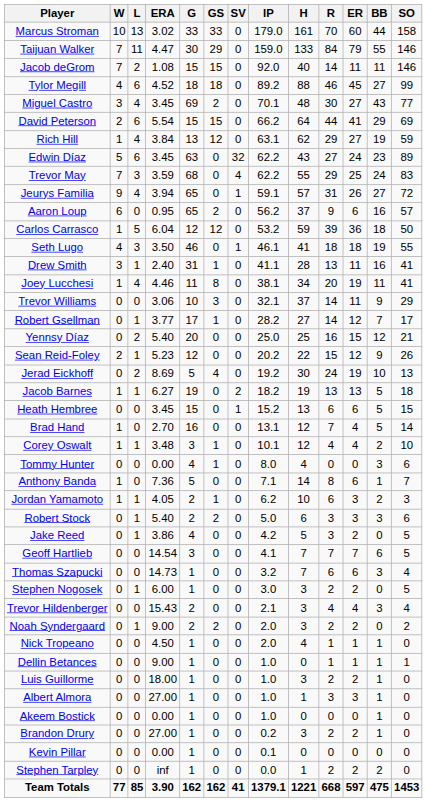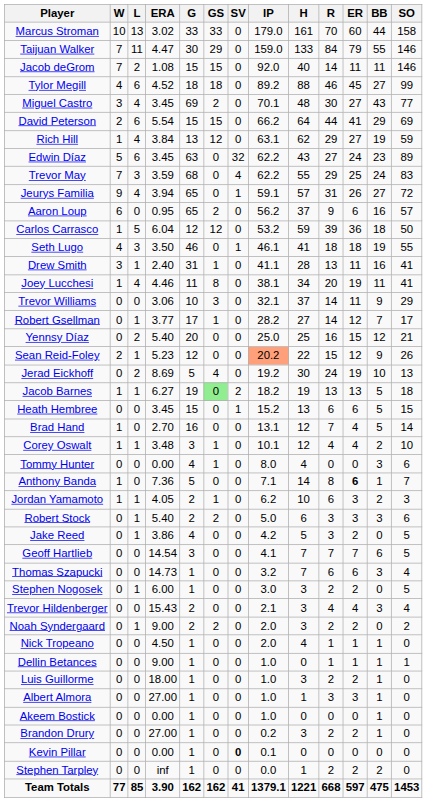 <table class=wikitable style="text-align:center">
 <tr>
 <th>Player</th>
 <th>W</th>
 <th>L</th>
 <th>ERA</th>
 <th>G</th>
 <th>GS</th>
 <th>SV</th>
 <th>IP</th>
 <th>H</th>
 <th>R</th>
 <th>ER</th>
 <th>BB</th>
 <th>SO</th>
 </tr>
 <tr>
 <td><a href='#'>Marcus Stroman</a></td>
 <td>10</td>
 <td>13</td>
 <td>3.02</td>
 <td>33</td>
 <td>33</td>
 <td>0</td>
 <td>179.0</td>
 <td>161</td>
 <td>70</td>
 <td>60</td>
 <td>44</td>
 <td>158</td>
 </tr>
 <tr>
 <td><a href='#'>Taijuan Walker</a></td>
 <td>7</td>
 <td>11</td>
 <td>4.47</td>
 <td>30</td>
 <td>29</td>
 <td>0</td>
 <td>159.0</td>
 <td>133</td>
 <td>84</td>
 <td>79</td>
 <td>55</td>
 <td>146</td>
 </tr>
 <tr>
 <td><a href='#'>Jacob deGrom</a></td>
 <td>7</td>
 <td>2</td>
 <td>1.08</td>
 <td>15</td>
 <td>15</td>
 <td>0</td>
 <td>92.0</td>
 <td>40</td>
 <td>14</td>
 <td>11</td>
 <td>11</td>
 <td>146</td>
 </tr>
 <tr>
 <td><a href='#'>Tylor Megill</a></td>
 <td>4</td>
 <td>6</td>
 <td>4.52</td>
 <td>18</td>
 <td>18</td>
 <td>0</td>
 <td>89.2</td>
 <td>88</td>
 <td>46</td>
 <td>45</td>
 <td>27</td>
 <td>99</td>
 </tr>
 <tr>
 <td><a href='#'>Miguel Castro</a></td>
 <td>3</td>
 <td>4</td>
 <td>3.45</td>
 <td>69</td>
 <td>2</td>
 <td>0</td>
 <td>70.1</td>
 <td>48</td>
 <td>30</td>
 <td>27</td>
 <td>43</td>
 <td>77</td>
 </tr>
 <tr>
 <td><a href='#'>David Peterson</a></td>
 <td>2</td>
 <td>6</td>
 <td>5.54</td>
 <td>15</td>
 <td>15</td>
 <td>0</td>
 <td>66.2</td>
 <td>64</td>
 <td>44</td>
 <td>41</td>
 <td>29</td>
 <td>69</td>
 </tr>
 <tr>
 <td><a href='#'>Rich Hill</a></td>
 <td>1</td>
 <td>4</td>
 <td>3.84</td>
 <td>13</td>
 <td>12</td>
 <td>0</td>
 <td>63.1</td>
 <td>62</td>
 <td>29</td>
 <td>27</td>
 <td>19</td>
 <td>59</td>
 </tr>
 <tr>
 <td><a href='#'>Edwin Díaz</a></td>
 <td>5</td>
 <td>6</td>
 <td>3.45</td>
 <td>63</td>
 <td>0</td>
 <td>32</td>
 <td>62.2</td>
 <td>43</td>
 <td>27</td>
 <td>24</td>
 <td>23</td>
 <td>89</td>
 </tr>
 <tr>
 <td><a href='#'>Trevor May</a></td>
 <td>7</td>
 <td>3</td>
 <td>3.59</td>
 <td>68</td>
 <td>0</td>
 <td>4</td>
 <td>62.2</td>
 <td>55</td>
 <td>29</td>
 <td>25</td>
 <td>24</td>
 <td>83</td>
 </tr>
 <tr>
 <td><a href='#'>Jeurys Familia</a></td>
 <td>9</td>
 <td>4</td>
 <td>3.94</td>
 <td>65</td>
 <td>0</td>
 <td>1</td>
 <td>59.1</td>
 <td>57</td>
 <td>31</td>
 <td>26</td>
 <td>27</td>
 <td>72</td>
 </tr>
 <tr>
 <td><a href='#'>Aaron Loup</a></td>
 <td>6</td>
 <td>0</td>
 <td>0.95</td>
 <td>65</td>
 <td>2</td>
 <td>0</td>
 <td>56.2</td>
 <td>37</td>
 <td>9</td>
 <td>6</td>
 <td>16</td>
 <td>57</td>
 </tr>
 <tr>
 <td><a href='#'>Carlos Carrasco</a></td>
 <td>1</td>
 <td>5</td>
 <td>6.04</td>
 <td>12</td>
 <td>12</td>
 <td>0</td>
 <td>53.2</td>
 <td>59</td>
 <td>39</td>
 <td>36</td>
 <td>18</td>
 <td>50</td>
 </tr>
 <tr>
 <td><a href='#'>Seth Lugo</a></td>
 <td>4</td>
 <td>3</td>
 <td>3.50</td>
 <td>46</td>
 <td>0</td>
 <td>1</td>
 <td>46.1</td>
 <td>41</td>
 <td>18</td>
 <td>18</td>
 <td>19</td>
 <td>55</td>
 </tr>
 <tr>
 <td><a href='#'>Drew Smith</a></td>
 <td>3</td>
 <td>1</td>
 <td>2.40</td>
 <td>31</td>
 <td>1</td>
 <td>0</td>
 <td>41.1</td>
 <td>28</td>
 <td>13</td>
 <td>11</td>
 <td>16</td>
 <td>41</td>
 </tr>
 <tr>
 <td><a href='#'>Joey Lucchesi</a></td>
 <td>1</td>
 <td>4</td>
 <td>4.46</td>
 <td>11</td>
 <td>8</td>
 <td>0</td>
 <td>38.1</td>
 <td>34</td>
 <td>20</td>
 <td>19</td>
 <td>11</td>
 <td>41</td>
 </tr>
 <tr>
 <td><a href='#'>Trevor Williams</a></td>
 <td>0</td>
 <td>0</td>
 <td>3.06</td>
 <td>10</td>
 <td>3</td>
 <td>0</td>
 <td>32.1</td>
 <td>37</td>
 <td>14</td>
 <td>11</td>
 <td>9</td>
 <td>29</td>
 </tr>
 <tr>
 <td><a href='#'>Robert Gsellman</a></td>
 <td>0</td>
 <td>1</td>
 <td>3.77</td>
 <td>17</td>
 <td>1</td>
 <td>0</td>
 <td>28.2</td>
 <td>27</td>
 <td>14</td>
 <td>12</td>
 <td>7</td>
 <td>17</td>
 </tr>
 <tr>
 <td><a href='#'>Yennsy Díaz</a></td>
 <td>0</td>
 <td>2</td>
 <td>5.40</td>
 <td>20</td>
 <td>0</td>
 <td>0</td>
 <td>25.0</td>
 <td>25</td>
 <td>16</td>
 <td>15</td>
 <td>12</td>
 <td>21</td>
 </tr>
 <tr>
 <td><a href='#'>Sean Reid-Foley</a></td>
 <td>2</td>
 <td>1</td>
 <td>5.23</td>
 <td>12</td>
 <td>0</td>
 <td>0</td>
-<td>20.2</td>
+<td style="background: lightsalmon;">20.2</td>
 <td>22</td>
 <td>15</td>
 <td>12</td>
 <td>9</td>
 <td>26</td>
 </tr>
 <tr>
 <td><a href='#'>Jerad Eickhoff</a></td>
 <td>0</td>
 <td>2</td>
 <td>8.69</td>
 <td>5</td>
 <td>4</td>
 <td>0</td>
 <td>19.2</td>
 <td>30</td>
 <td>24</td>
 <td>19</td>
 <td>10</td>
 <td>13</td>
 </tr>
 <tr>
 <td><a href='#'>Jacob Barnes</a></td>
 <td>1</td>
 <td>1</td>
 <td>6.27</td>
 <td>19</td>
-<td>0</td>
+<td style="background: lightgreen;">0</td>
 <td>2</td>
 <td>18.2</td>
 <td>19</td>
 <td>13</td>
 <td>13</td>
 <td>5</td>
 <td>18</td>
 </tr>
 <tr>
 <td><a href='#'>Heath Hembree</a></td>
 <td>0</td>
 <td>0</td>
 <td>3.45</td>
 <td>15</td>
 <td>0</td>
 <td>1</td>
 <td>15.2</td>
 <td>13</td>
 <td>6</td>
 <td>6</td>
 <td>5</td>
 <td>15</td>
 </tr>
 <tr>
 <td><a href='#'>Brad Hand</a></td>
 <td>1</td>
 <td>0</td>
 <td>2.70</td>
 <td>16</td>
 <td>0</td>
 <td>0</td>
 <td>13.1</td>
 <td>12</td>
 <td>7</td>
 <td>4</td>
 <td>5</td>
 <td>14</td>
 </tr>
 <tr>
 <td><a href='#'>Corey Oswalt</a></td>
 <td>1</td>
 <td>1</td>
 <td>3.48</td>
 <td>3</td>
 <td>1</td>
 <td>0</td>
 <td>10.1</td>
 <td>12</td>
 <td>4</td>
 <td>4</td>
 <td>2</td>
 <td>10</td>
 </tr>
 <tr>
 <td><a href='#'>Tommy Hunter</a></td>
 <td>0</td>
 <td>0</td>
 <td>0.00</td>
 <td>4</td>
 <td>1</td>
 <td>0</td>
 <td>8.0</td>
 <td>4</td>
 <td>0</td>
 <td>0</td>
 <td>3</td>
 <td>6</td>
 </tr>
 <tr>
 <td><a href='#'>Anthony Banda</a></td>
 <td>1</td>
 <td>0</td>
 <td>7.36</td>
 <td>5</td>
 <td>0</td>
 <td>0</td>
 <td>7.1</td>
 <td>14</td>
 <td>8</td>
-<td>6</td>
+<td><strong>6</strong></td>
 <td>1</td>
 <td>7</td>
 </tr>
 <tr>
 <td><a href='#'>Jordan Yamamoto</a></td>
 <td>1</td>
 <td>1</td>
 <td>4.05</td>
 <td>2</td>
 <td>1</td>
 <td>0</td>
 <td>6.2</td>
 <td>10</td>
 <td>6</td>
 <td>3</td>
 <td>2</td>
 <td>3</td>
 </tr>
 <tr>
 <td><a href='#'>Robert Stock</a></td>
 <td>0</td>
 <td>1</td>
 <td>5.40</td>
 <td>2</td>
 <td>2</td>
 <td>0</td>
 <td>5.0</td>
 <td>6</td>
 <td>3</td>
 <td>3</td>
 <td>3</td>
 <td>6</td>
 </tr>
 <tr>
 <td><a href='#'>Jake Reed</a></td>
 <td>0</td>
 <td>1</td>
 <td>3.86</td>
 <td>4</td>
 <td>0</td>
 <td>0</td>
 <td>4.2</td>
 <td>5</td>
 <td>3</td>
 <td>2</td>
 <td>0</td>
 <td>5</td>
 </tr>
 <tr>
 <td><a href='#'>Geoff Hartlieb</a></td>
 <td>0</td>
 <td>0</td>
 <td>14.54</td>
 <td>3</td>
 <td>0</td>
 <td>0</td>
 <td>4.1</td>
 <td>7</td>
 <td>7</td>
 <td>7</td>
 <td>6</td>
 <td>5</td>
 </tr>
 <tr>
 <td><a href='#'>Thomas Szapucki</a></td>
 <td>0</td>
 <td>0</td>
 <td>14.73</td>
 <td>1</td>
 <td>0</td>
 <td>0</td>
 <td>3.2</td>
 <td>7</td>
 <td>6</td>
 <td>6</td>
 <td>3</td>
 <td>4</td>
 </tr>
 <tr>
 <td><a href='#'>Stephen Nogosek</a></td>
 <td>0</td>
 <td>1</td>
 <td>6.00</td>
 <td>1</td>
 <td>0</td>
 <td>0</td>
 <td>3.0</td>
 <td>3</td>
 <td>2</td>
 <td>2</td>
 <td>0</td>
 <td>5</td>
 </tr>
 <tr>
 <td><a href='#'>Trevor Hildenberger</a></td>
 <td>0</td>
 <td>0</td>
 <td>15.43</td>
 <td>2</td>
 <td>0</td>
 <td>0</td>
 <td>2.1</td>
 <td>3</td>
 <td>4</td>
 <td>4</td>
 <td>3</td>
 <td>4</td>
 </tr>
 <tr>
 <td><a href='#'>Noah Syndergaard</a></td>
 <td>0</td>
 <td>1</td>
 <td>9.00</td>
 <td>2</td>
 <td>2</td>
 <td>0</td>
 <td>2.0</td>
 <td>3</td>
 <td>2</td>
 <td>2</td>
 <td>0</td>
 <td>2</td>
 </tr>
 <tr>
 <td><a href='#'>Nick Tropeano</a></td>
 <td>0</td>
 <td>0</td>
 <td>4.50</td>
 <td>1</td>
 <td>0</td>
 <td>0</td>
 <td>2.0</td>
 <td>4</td>
 <td>1</td>
 <td>1</td>
 <td>1</td>
 <td>0</td>
 </tr>
 <tr>
 <td><a href='#'>Dellin Betances</a></td>
 <td>0</td>
 <td>0</td>
 <td>9.00</td>
 <td>1</td>
 <td>0</td>
 <td>0</td>
 <td>1.0</td>
 <td>0</td>
 <td>1</td>
 <td>1</td>
 <td>1</td>
 <td>1</td>
 </tr>
 <tr>
 <td><a href='#'>Luis Guillorme</a></td>
 <td>0</td>
 <td>0</td>
 <td>18.00</td>
 <td>1</td>
 <td>0</td>
 <td>0</td>
 <td>1.0</td>
 <td>3</td>
 <td>2</td>
 <td>2</td>
 <td>1</td>
 <td>0</td>
 </tr>
 <tr>
 <td><a href='#'>Albert Almora</a></td>
 <td>0</td>
 <td>0</td>
 <td>27.00</td>
 <td>1</td>
 <td>0</td>
 <td>0</td>
 <td>1.0</td>
 <td>1</td>
 <td>3</td>
 <td>3</td>
 <td>1</td>
 <td>0</td>
 </tr>
 <tr>
 <td><a href='#'>Akeem Bostick</a></td>
 <td>0</td>
 <td>0</td>
 <td>0.00</td>
 <td>1</td>
 <td>0</td>
 <td>0</td>
 <td>1.0</td>
 <td>0</td>
 <td>0</td>
 <td>0</td>
 <td>1</td>
 <td>0</td>
 </tr>
 <tr>
 <td><a href='#'>Brandon Drury</a></td>
 <td>0</td>
 <td>0</td>
 <td>27.00</td>
 <td>1</td>
 <td>0</td>
 <td>0</td>
 <td>0.2</td>
 <td>3</td>
 <td>2</td>
 <td>2</td>
 <td>1</td>
 <td>0</td>
 </tr>
 <tr>
 <td><a href='#'>Kevin Pillar</a></td>
 <td>0</td>
 <td>0</td>
 <td>0.00</td>
 <td>1</td>
 <td>0</td>
-<td>0</td>
+<td><strong>0</strong></td>
 <td>0.1</td>
 <td>0</td>
 <td>0</td>
 <td>0</td>
 <td>0</td>
 <td>0</td>
 </tr>
 <tr>
 <td><a href='#'>Stephen Tarpley</a></td>
 <td>0</td>
 <td>0</td>
 <td>inf</td>
 <td>1</td>
 <td>0</td>
 <td>0</td>
 <td>0.0</td>
 <td>1</td>
 <td>2</td>
 <td>2</td>
 <td>2</td>
 <td>0</td>
 </tr>
 <tr>
 <td><strong>Team Totals</strong></td>
 <td><strong>77</strong></td>
 <td><strong>85</strong></td>
 <td><strong>3.90</strong></td>
 <td><strong>162</strong></td>
 <td><strong>162</strong></td>
 <td><strong>41</strong></td>
 <td><strong>1379.1</strong></td>
 <td><strong>1221</strong></td>
 <td><strong>668</strong></td>
 <td><strong>597</strong></td>
 <td><strong>475</strong></td>
 <td><strong>1453</strong></td>
 </tr>
 </table>
